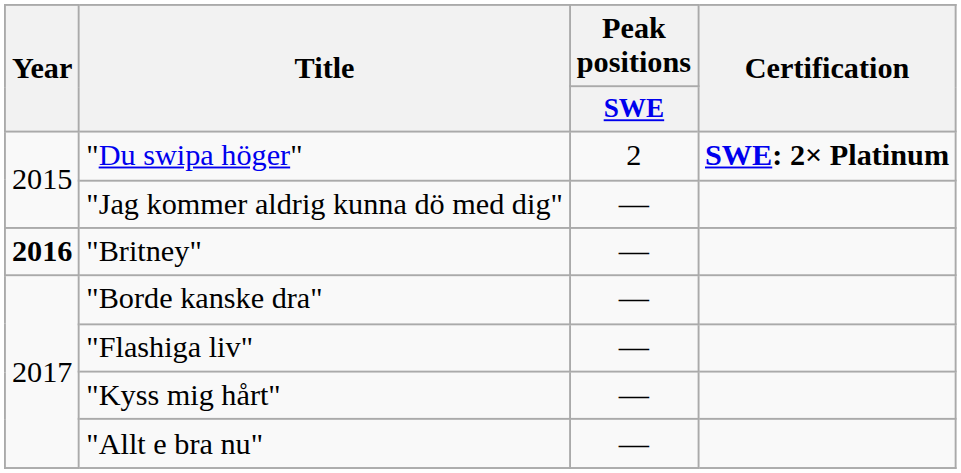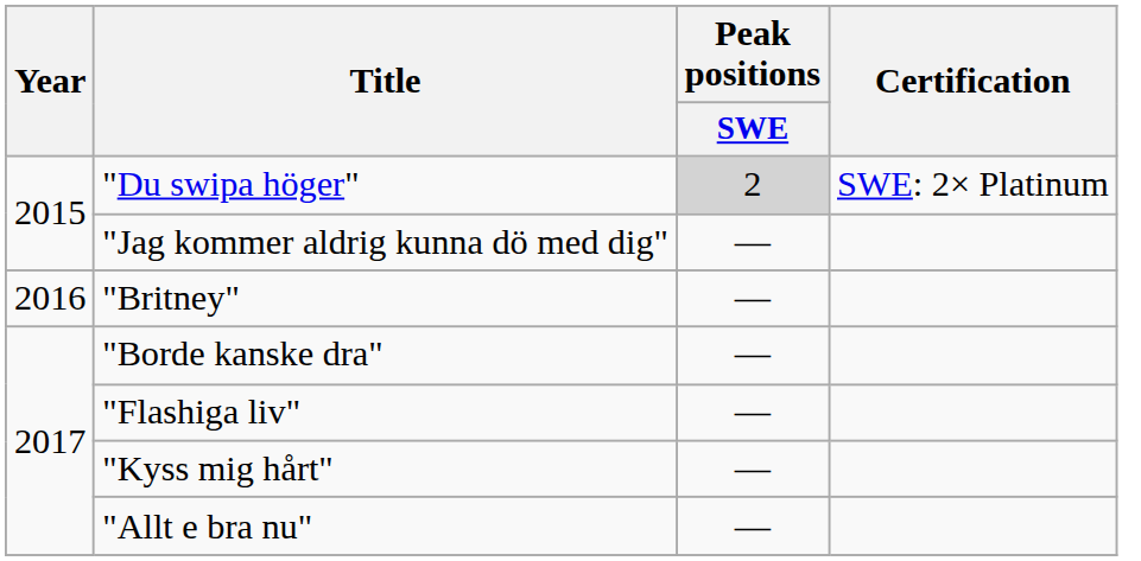 <table class="wikitable">
 <tr>
 <th align="center" rowspan="2">Year</th>
 <th align="center" rowspan="2">Title</th>
 <th align="center" colspan="1">Peak positions</th>
 <th align="center" rowspan="2">Certification</th>
 </tr>
 <tr>
 <th scope="col" style="width:3em;font-size:90%;"><a href='#'>SWE</a><br></th>
 </tr>
 <tr>
 <td style="text-align:center;" rowspan=2>2015</td>
 <td>"<a href='#'>Du swipa höger</a>"</td>
-<td style="text-align:center;">2</td>
-<td style="text-align:center;"><strong><a href='#'>SWE</a>: 2× Platinum</strong></td>
+<td style="background: lightgrey; text-align:center;">2</td>
+<td style="text-align:center;"><a href='#'>SWE</a>: 2× Platinum</td>
 </tr>
 <tr>
 <td>"Jag kommer aldrig kunna dö med dig"</td>
 <td style="text-align:center;">—</td>
 <td style="text-align:center;"></td>
 </tr>
 <tr>
-<td style="text-align:center;"><strong>2016</strong></td>
+<td style="text-align:center;">2016</td>
 <td>"Britney"</td>
 <td style="text-align:center;">—</td>
 <td style="text-align:center;"></td>
 </tr>
 <tr>
 <td rowspan="4">2017</td>
 <td>"Borde kanske dra"</td>
 <td style="text-align:center;">—</td>
 <td></td>
 </tr>
 <tr>
 <td>"Flashiga liv"</td>
 <td style="text-align:center;">—</td>
 <td></td>
 </tr>
 <tr>
 <td>"Kyss mig hårt"</td>
 <td style="text-align:center;">—</td>
 <td style="text-align:center;"></td>
 </tr>
 <tr>
 <td>"Allt e bra nu"</td>
 <td style="text-align:center;">—</td>
 <td style="text-align:center;"></td>
 </tr>
 </table>
